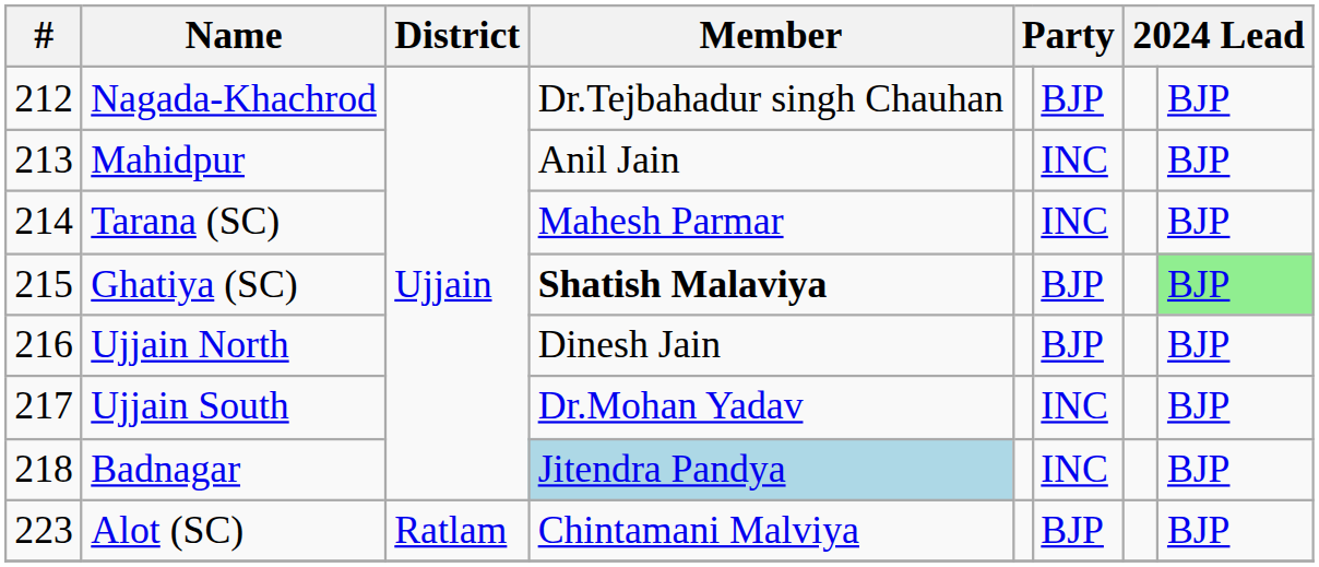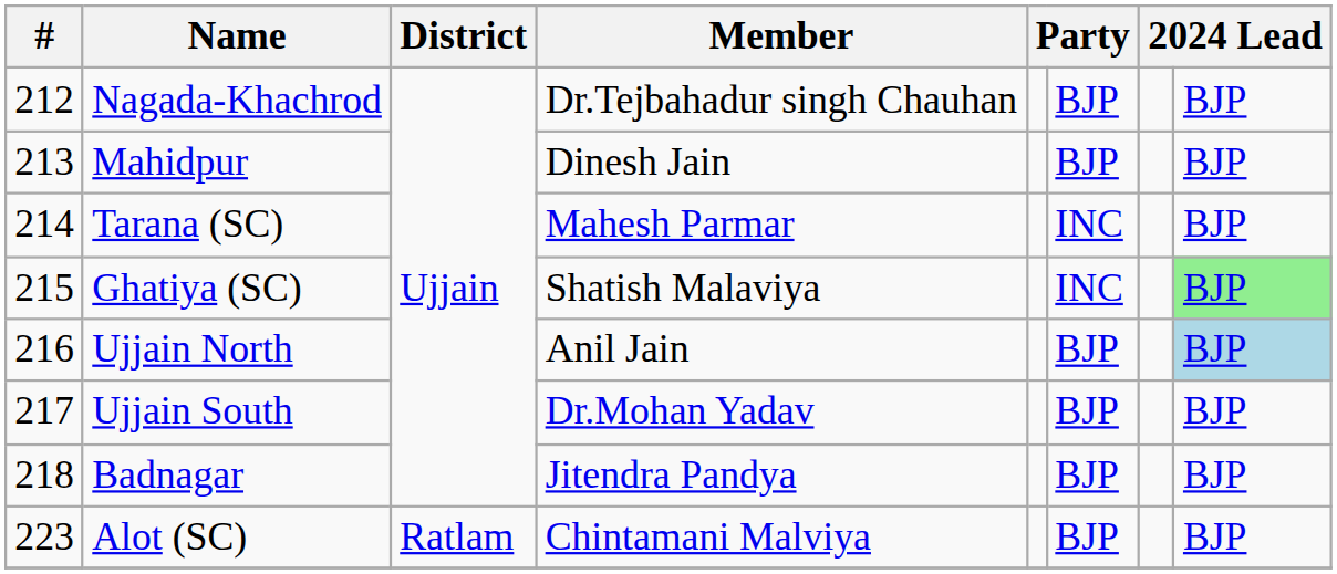 <table class="wikitable">
 <tr>
 <th>#</th>
 <th>Name</th>
 <th>District</th>
 <th>Member</th>
 <th colspan="2">Party</th>
 <th colspan="2">2024 Lead</th>
 </tr>
 <tr>
 <td>212</td>
 <td><a href='#'>Nagada-Khachrod</a></td>
 <td rowspan="7"><a href='#'>Ujjain</a></td>
 <td>Dr.Tejbahadur singh Chauhan</td>
 <td style="background-color: "></td>
 <td><a href='#'>BJP</a></td>
 <td style="background-color: "></td>
 <td><a href='#'>BJP</a></td>
 </tr>
 <tr>
 <td>213</td>
 <td><a href='#'>Mahidpur</a></td>
-<td>Anil Jain</td>
+<td>Dinesh Jain</td>
 <td style="background-color: "></td>
-<td><a href='#'>INC</a></td>
+<td><a href='#'>BJP</a></td>
 <td style="background-color: "></td>
 <td><a href='#'>BJP</a></td>
 </tr>
 <tr>
 <td>214</td>
 <td><a href='#'>Tarana</a> (SC)</td>
 <td><a href='#'>Mahesh Parmar</a></td>
 <td style="background-color: "></td>
 <td><a href='#'>INC</a></td>
 <td style="background-color: "></td>
 <td><a href='#'>BJP</a></td>
 </tr>
 <tr>
 <td>215</td>
 <td><a href='#'>Ghatiya</a> (SC)</td>
-<td><strong>Shatish Malaviya</strong></td>
+<td>Shatish Malaviya</td>
 <td style="background-color: "></td>
-<td><a href='#'>BJP</a></td>
+<td><a href='#'>INC</a></td>
 <td style="background-color: "></td>
 <td style="background: lightgreen;"><a href='#'>BJP</a></td>
 </tr>
 <tr>
 <td>216</td>
 <td><a href='#'>Ujjain North</a></td>
-<td>Dinesh Jain</td>
+<td>Anil Jain</td>
+<td style="background-color: "></td>
+<td><a href='#'>BJP</a></td>
+<td style="background-color: "></td>
+<td style="background: lightblue;"><a href='#'>BJP</a></td>
+</tr>
+<tr>
+<td>217</td>
+<td><a href='#'>Ujjain South</a></td>
+<td><a href='#'>Dr.Mohan Yadav</a></td>
 <td style="background-color: "></td>
 <td><a href='#'>BJP</a></td>
 <td style="background-color: "></td>
 <td><a href='#'>BJP</a></td>
 </tr>
 <tr>
-<td>217</td>
-<td><a href='#'>Ujjain South</a></td>
-<td><a href='#'>Dr.Mohan Yadav</a></td>
-<td style="background-color: "></td>
-<td><a href='#'>INC</a></td>
+<td>218</td>
+<td><a href='#'>Badnagar</a></td>
+<td><a href='#'>Jitendra Pandya</a></td>
 <td style="background-color: "></td>
 <td><a href='#'>BJP</a></td>
-</tr>
-<tr>
-<td>218</td>
-<td><a href='#'>Badnagar</a></td>
-<td style="background: lightblue;"><a href='#'>Jitendra Pandya</a></td>
-<td style="background-color: "></td>
-<td><a href='#'>INC</a></td>
 <td style="background-color: "></td>
 <td><a href='#'>BJP</a></td>
 </tr>
 <tr>
 <td>223</td>
 <td><a href='#'>Alot</a> (SC)</td>
 <td><a href='#'>Ratlam</a></td>
 <td><a href='#'>Chintamani Malviya</a></td>
 <td style="background-color: "></td>
 <td><a href='#'>BJP</a></td>
 <td style="background-color: "></td>
 <td><a href='#'>BJP</a></td>
 </tr>
 <tr>
 </tr>
 </table>
